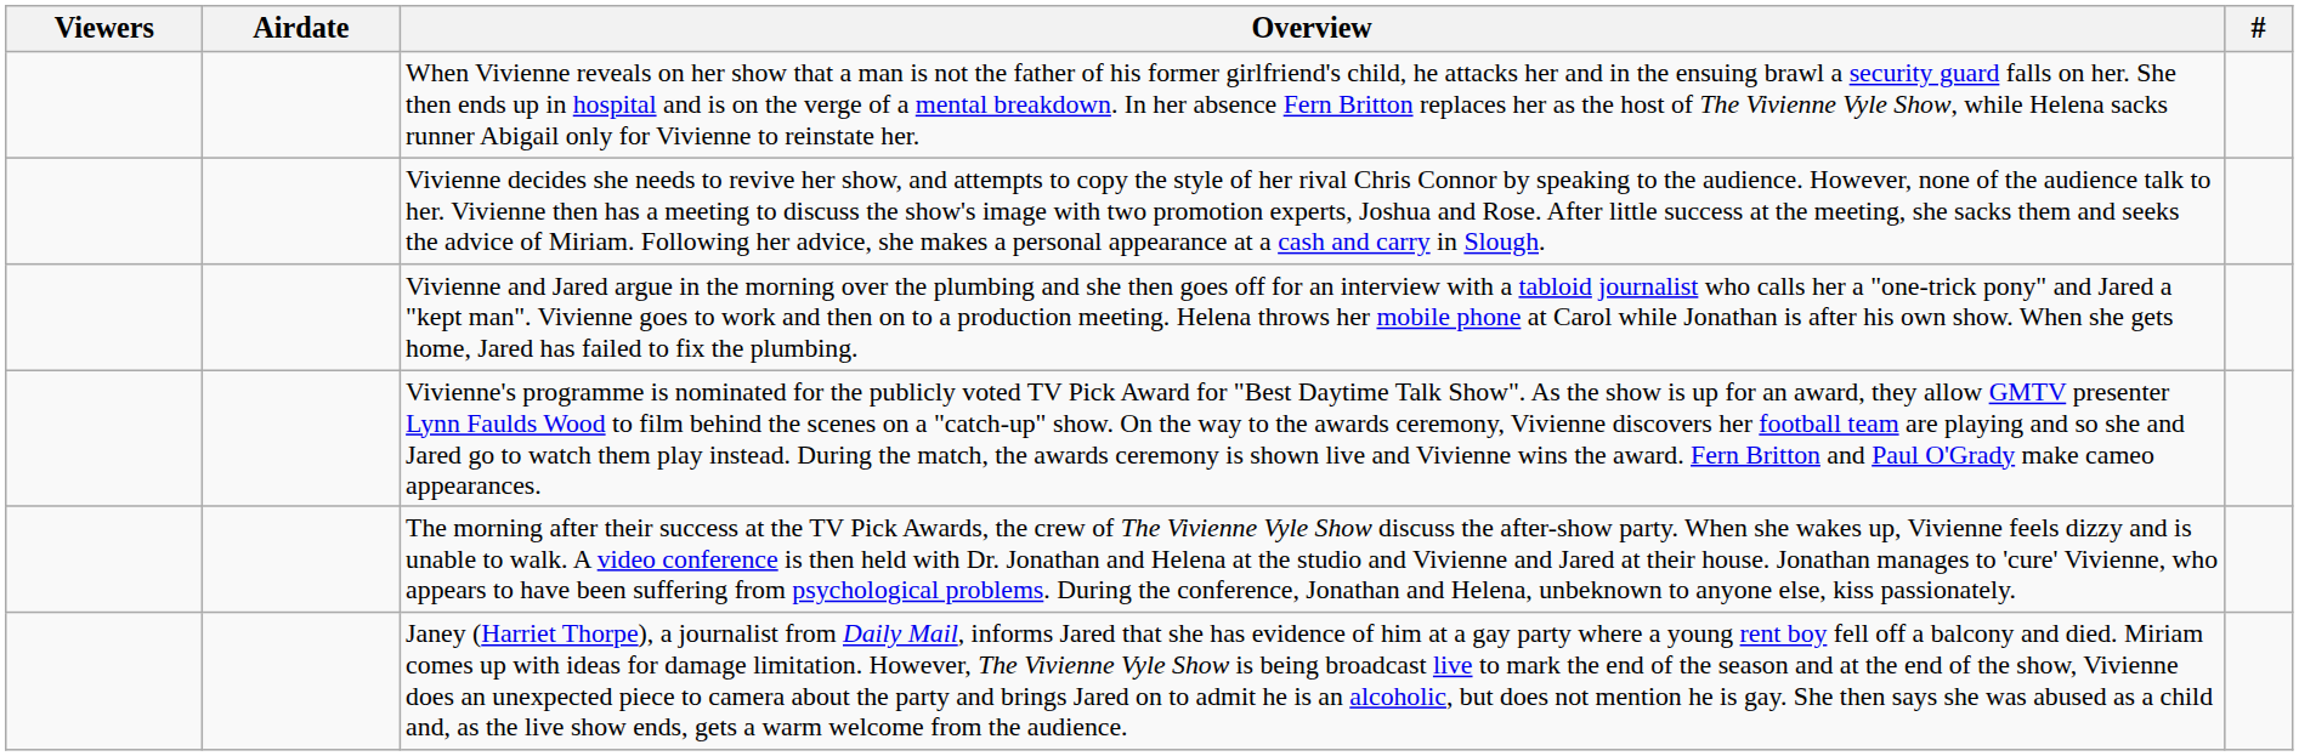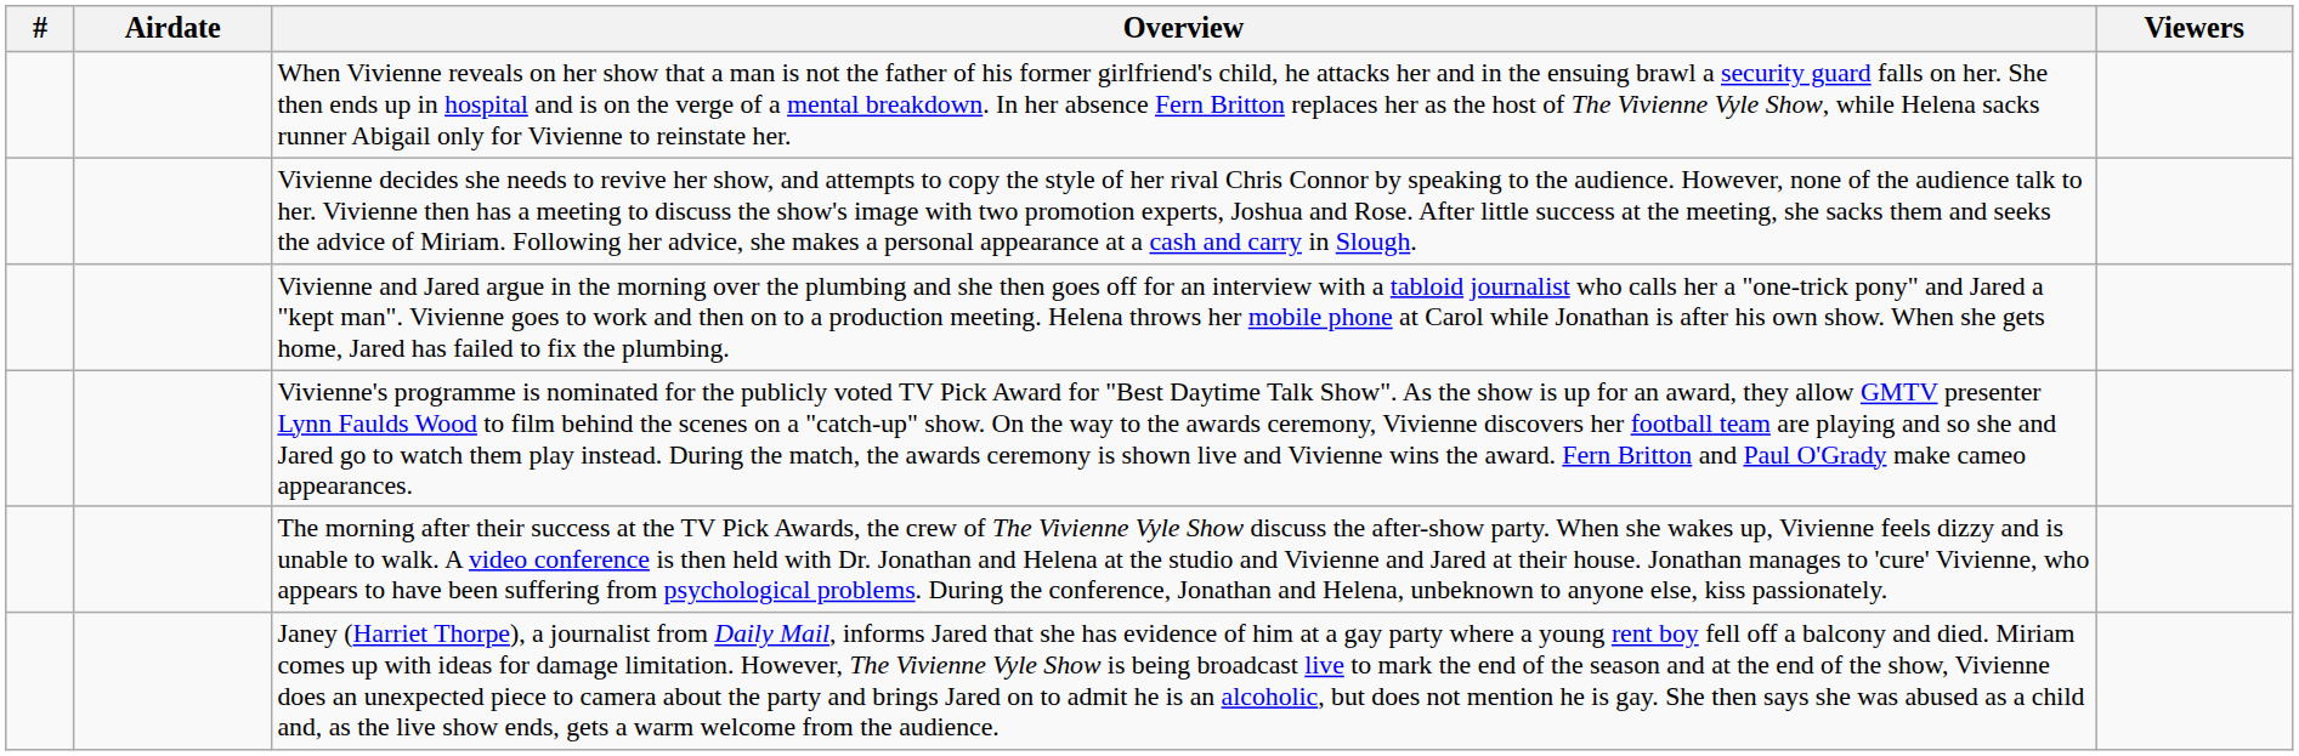 <table class="wikitable">
 <tr>
-<th width="100"><strong>Viewers</strong></th>
+<th width="30">#</th>
 <th width="100"><strong>Airdate</strong></th>
 <th><strong>Overview</strong></th>
-<th width="30">#</th>
+<th width="100"><strong>Viewers</strong></th>
 </tr>
 <tr>
 <td></td>
 <td></td>
 <td style="font-size: 90%;">When Vivienne reveals on her show that a man is not the father of his former girlfriend's child, he attacks her and in the ensuing brawl a <a href='#'>security guard</a> falls on her. She then ends up in <a href='#'>hospital</a> and is on the verge of a <a href='#'>mental breakdown</a>. In her absence <a href='#'>Fern Britton</a> replaces her as the host of <em>The Vivienne Vyle Show</em>, while Helena sacks runner Abigail only for Vivienne to reinstate her.</td>
 <td></td>
 </tr>
 <tr>
 <td></td>
 <td></td>
 <td style="font-size: 90%;">Vivienne decides she needs to revive her show, and attempts to copy the style of her rival Chris Connor by speaking to the audience. However, none of the audience talk to her. Vivienne then has a meeting to discuss the show's image with two promotion experts, Joshua and Rose. After little success at the meeting, she sacks them and seeks the advice of Miriam. Following her advice, she makes a personal appearance at a <a href='#'>cash and carry</a> in <a href='#'>Slough</a>.</td>
 <td></td>
 </tr>
 <tr>
 <td></td>
 <td></td>
 <td style="font-size: 90%;">Vivienne and Jared argue in the morning over the plumbing and she then goes off for an interview with a <a href='#'>tabloid</a> <a href='#'>journalist</a> who calls her a "one-trick pony" and Jared a "kept man". Vivienne goes to work and then on to a production meeting. Helena throws her <a href='#'>mobile phone</a> at Carol while Jonathan is after his own show. When she gets home, Jared has failed to fix the plumbing.</td>
 <td></td>
 </tr>
 <tr>
 <td></td>
 <td></td>
 <td style="font-size: 90%;">Vivienne's programme is nominated for the publicly voted TV Pick Award for "Best Daytime Talk Show". As the show is up for an award, they allow <a href='#'>GMTV</a> presenter <a href='#'>Lynn Faulds Wood</a> to film behind the scenes on a "catch-up" show. On the way to the awards ceremony, Vivienne discovers her <a href='#'>football team</a> are playing and so she and Jared go to watch them play instead. During the match, the awards ceremony is shown live and Vivienne wins the award. <a href='#'>Fern Britton</a> and <a href='#'>Paul O'Grady</a> make cameo appearances.</td>
 <td></td>
 </tr>
 <tr>
 <td></td>
 <td></td>
 <td style="font-size: 90%;">The morning after their success at the TV Pick Awards, the crew of <em>The Vivienne Vyle Show</em> discuss the after-show party. When she wakes up, Vivienne feels dizzy and is unable to walk. A <a href='#'>video conference</a> is then held with Dr. Jonathan and Helena at the studio and Vivienne and Jared at their house. Jonathan manages to 'cure' Vivienne, who appears to have been suffering from <a href='#'>psychological problems</a>. During the conference, Jonathan and Helena, unbeknown to anyone else, kiss passionately.</td>
 <td></td>
 </tr>
 <tr>
 <td></td>
 <td></td>
 <td style="font-size: 90%;">Janey (<a href='#'>Harriet Thorpe</a>), a journalist from <em><a href='#'>Daily Mail</a></em>, informs Jared that she has evidence of him at a gay party where a young <a href='#'>rent boy</a> fell off a balcony and died. Miriam comes up with ideas for damage limitation. However, <em>The Vivienne Vyle Show</em> is being broadcast <a href='#'>live</a> to mark the end of the season and at the end of the show, Vivienne does an unexpected piece to camera about the party and brings Jared on to admit he is an <a href='#'>alcoholic</a>, but does not mention he is gay. She then says she was abused as a child and, as the live show ends, gets a warm welcome from the audience.</td>
 <td></td>
 </tr>
 </table>
